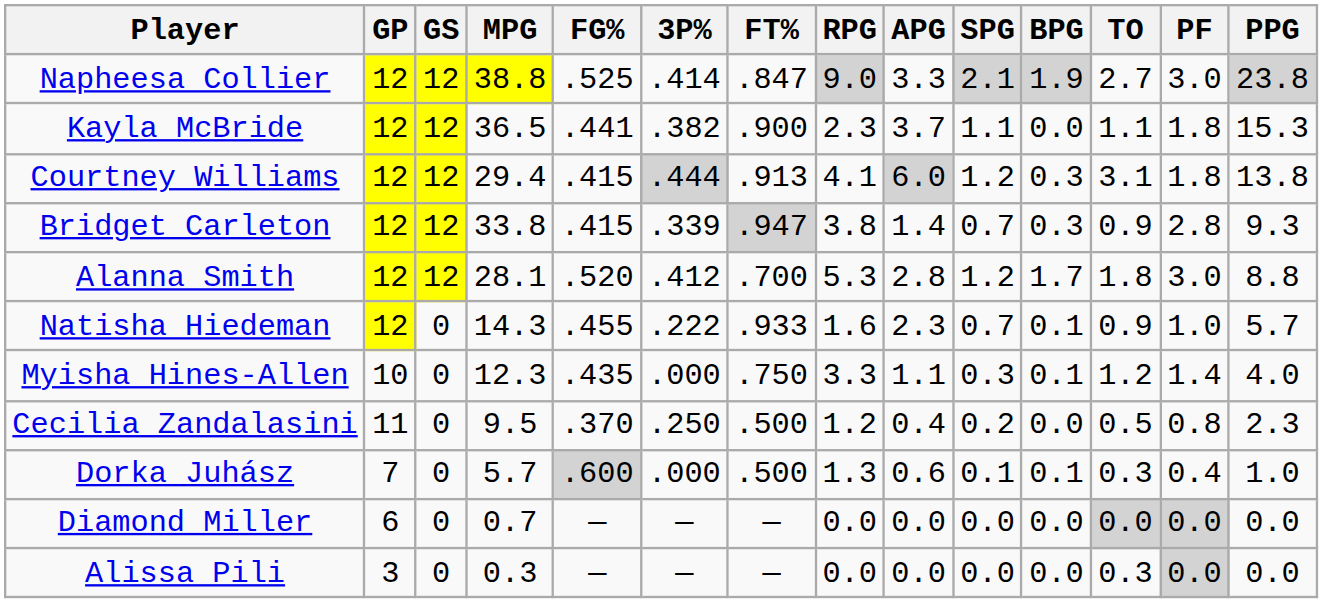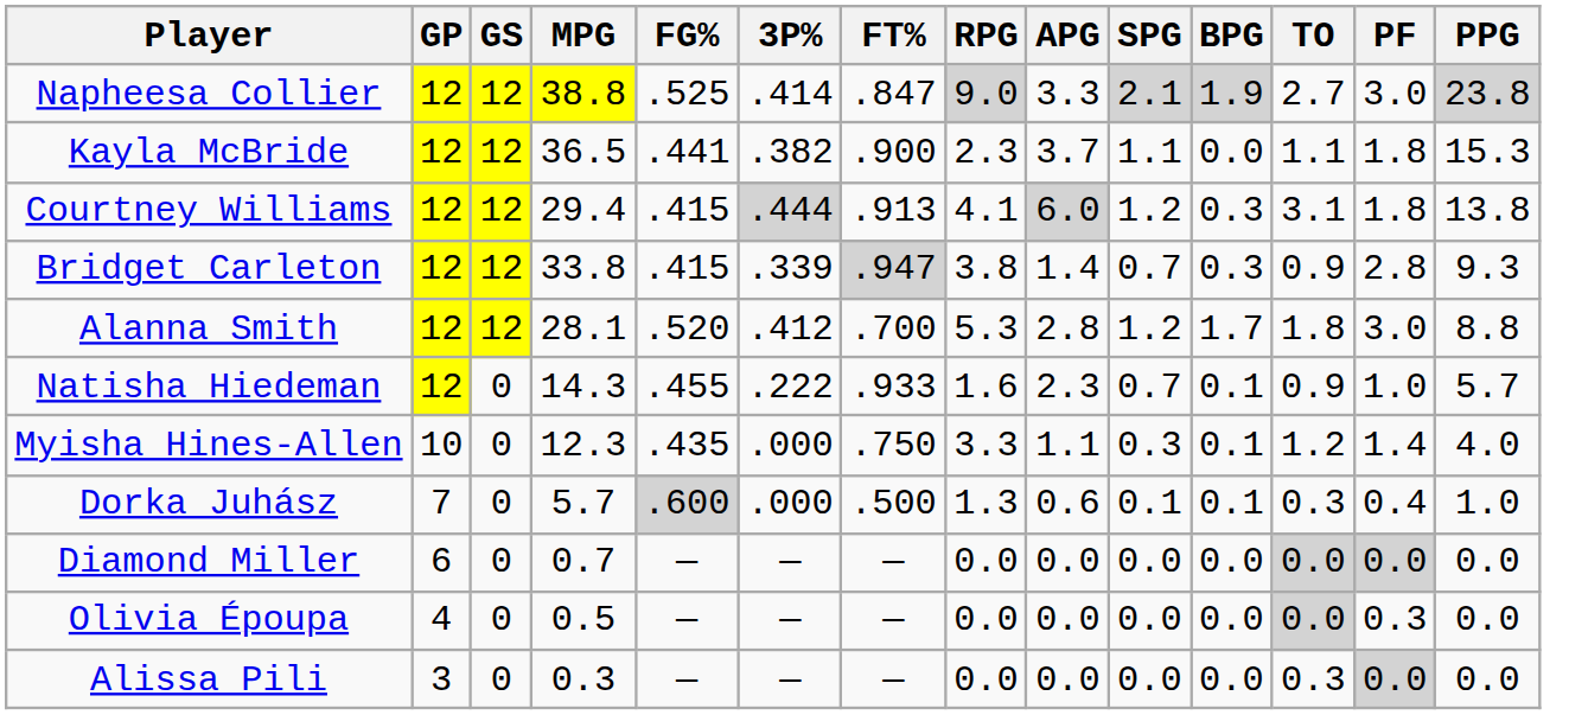 <table class="wikitable sortable" style="text-align:center;">
 <tr>
 <th>Player</th>
 <th>GP</th>
 <th>GS</th>
 <th>MPG</th>
 <th>FG%</th>
 <th>3P%</th>
 <th>FT%</th>
 <th>RPG</th>
 <th>APG</th>
 <th>SPG</th>
 <th>BPG</th>
 <th>TO</th>
 <th>PF</th>
 <th>PPG</th>
 </tr>
 <tr>
 <td><a href='#'>Napheesa Collier</a></td>
 <td style="background:yellow;">12</td>
 <td style="background:yellow;">12</td>
 <td style="background:yellow;">38.8</td>
 <td>.525</td>
 <td>.414</td>
 <td>.847</td>
 <td style="background:#D3D3D3;">9.0</td>
 <td>3.3</td>
 <td style="background:#D3D3D3;">2.1</td>
 <td style="background:#D3D3D3;">1.9</td>
 <td>2.7</td>
 <td>3.0</td>
 <td style="background:#D3D3D3;">23.8</td>
 </tr>
 <tr>
 <td><a href='#'>Kayla McBride</a></td>
 <td style="background:yellow;">12</td>
 <td style="background:yellow;">12</td>
 <td>36.5</td>
 <td>.441</td>
 <td>.382</td>
 <td>.900</td>
 <td>2.3</td>
 <td>3.7</td>
 <td>1.1</td>
 <td>0.0</td>
 <td>1.1</td>
 <td>1.8</td>
 <td>15.3</td>
 </tr>
 <tr>
 <td><a href='#'>Courtney Williams</a></td>
 <td style="background:yellow;">12</td>
 <td style="background:yellow;">12</td>
 <td>29.4</td>
 <td>.415</td>
 <td style="background:#D3D3D3;">.444</td>
 <td>.913</td>
 <td>4.1</td>
 <td style="background:#D3D3D3;">6.0</td>
 <td>1.2</td>
 <td>0.3</td>
 <td>3.1</td>
 <td>1.8</td>
 <td>13.8</td>
 </tr>
 <tr>
 <td><a href='#'>Bridget Carleton</a></td>
 <td style="background:yellow;">12</td>
 <td style="background:yellow;">12</td>
 <td>33.8</td>
 <td>.415</td>
 <td>.339</td>
 <td style="background:#D3D3D3;">.947</td>
 <td>3.8</td>
 <td>1.4</td>
 <td>0.7</td>
 <td>0.3</td>
 <td>0.9</td>
 <td>2.8</td>
 <td>9.3</td>
 </tr>
 <tr>
 <td><a href='#'>Alanna Smith</a></td>
 <td style="background:yellow;">12</td>
 <td style="background:yellow;">12</td>
 <td>28.1</td>
 <td>.520</td>
 <td>.412</td>
 <td>.700</td>
 <td>5.3</td>
 <td>2.8</td>
 <td>1.2</td>
 <td>1.7</td>
 <td>1.8</td>
 <td>3.0</td>
 <td>8.8</td>
 </tr>
 <tr>
 <td><a href='#'>Natisha Hiedeman</a></td>
 <td style="background:yellow;">12</td>
 <td>0</td>
 <td>14.3</td>
 <td>.455</td>
 <td>.222</td>
 <td>.933</td>
 <td>1.6</td>
 <td>2.3</td>
 <td>0.7</td>
 <td>0.1</td>
 <td>0.9</td>
 <td>1.0</td>
 <td>5.7</td>
 </tr>
 <tr>
 <td><a href='#'>Myisha Hines-Allen</a></td>
 <td>10</td>
 <td>0</td>
 <td>12.3</td>
 <td>.435</td>
 <td>.000</td>
 <td>.750</td>
 <td>3.3</td>
 <td>1.1</td>
 <td>0.3</td>
 <td>0.1</td>
 <td>1.2</td>
 <td>1.4</td>
 <td>4.0</td>
 </tr>
 <tr>
-<td><a href='#'>Cecilia Zandalasini</a></td>
-<td>11</td>
-<td>0</td>
-<td>9.5</td>
-<td>.370</td>
-<td>.250</td>
-<td>.500</td>
-<td>1.2</td>
-<td>0.4</td>
-<td>0.2</td>
-<td>0.0</td>
-<td>0.5</td>
-<td>0.8</td>
-<td>2.3</td>
-</tr>
-<tr>
 <td><a href='#'>Dorka Juhász</a></td>
 <td>7</td>
 <td>0</td>
 <td>5.7</td>
 <td style="background:#D3D3D3;">.600</td>
 <td>.000</td>
 <td>.500</td>
 <td>1.3</td>
 <td>0.6</td>
 <td>0.1</td>
 <td>0.1</td>
 <td>0.3</td>
 <td>0.4</td>
 <td>1.0</td>
 </tr>
 <tr>
 <td><a href='#'>Diamond Miller</a></td>
 <td>6</td>
 <td>0</td>
 <td>0.7</td>
 <td>—</td>
 <td>—</td>
 <td>—</td>
 <td>0.0</td>
 <td>0.0</td>
 <td>0.0</td>
 <td>0.0</td>
 <td style="background:#D3D3D3;">0.0</td>
 <td style="background:#D3D3D3;">0.0</td>
 <td>0.0</td>
 </tr>
 <tr>
+<td><a href='#'>Olivia Époupa</a></td>
+<td>4</td>
+<td>0</td>
+<td>0.5</td>
+<td>—</td>
+<td>—</td>
+<td>—</td>
+<td>0.0</td>
+<td>0.0</td>
+<td>0.0</td>
+<td>0.0</td>
+<td style="background:#D3D3D3;">0.0</td>
+<td>0.3</td>
+<td>0.0</td>
+</tr>
+<tr>
 <td><a href='#'>Alissa Pili</a></td>
 <td>3</td>
 <td>0</td>
 <td>0.3</td>
 <td>—</td>
 <td>—</td>
 <td>—</td>
 <td>0.0</td>
 <td>0.0</td>
 <td>0.0</td>
 <td>0.0</td>
 <td>0.3</td>
 <td style="background:#D3D3D3;">0.0</td>
 <td>0.0</td>
 </tr>
 </table>
